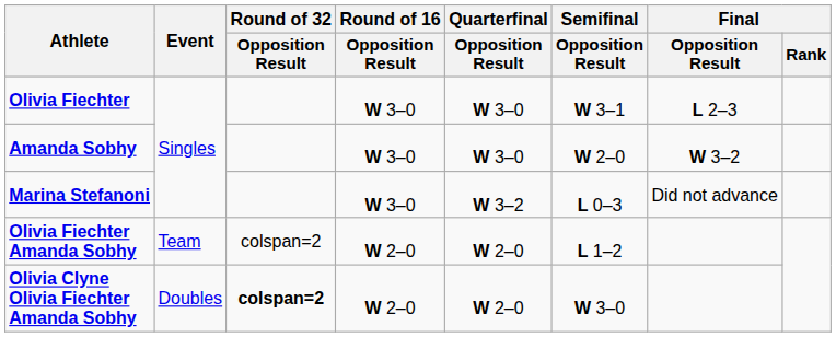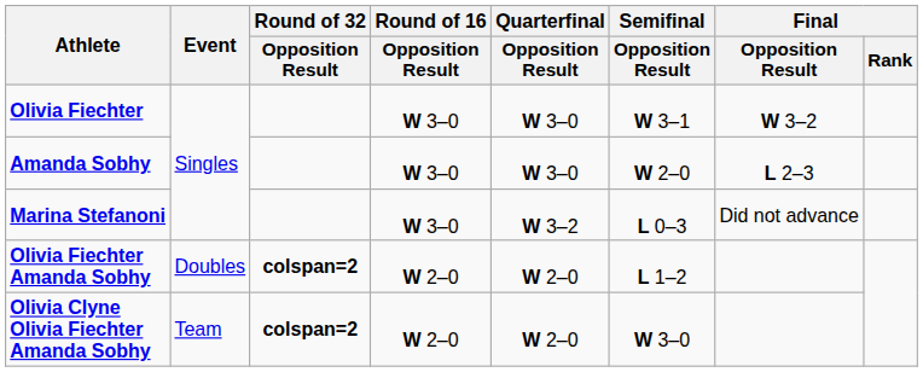 <table class=wikitable style=font-size:90%;text-align:center>
 <tr>
 <th rowspan=2>Athlete</th>
 <th rowspan=2>Event</th>
 <th>Round of 32</th>
 <th>Round of 16</th>
 <th>Quarterfinal</th>
 <th>Semifinal</th>
 <th colspan=2>Final</th>
 </tr>
 <tr style=font-size:95%>
 <th>Opposition<br>Result</th>
 <th>Opposition<br>Result</th>
 <th>Opposition<br>Result</th>
 <th>Opposition<br>Result</th>
 <th>Opposition<br>Result</th>
 <th>Rank</th>
 </tr>
 <tr>
 <td align=left><strong><a href='#'>Olivia Fiechter</a></strong></td>
 <td align=left rowspan=3><a href='#'>Singles</a></td>
 <td></td>
 <td><br><strong>W</strong> 3–0</td>
 <td><br><strong>W</strong> 3–0</td>
 <td><br><strong>W</strong> 3–1</td>
-<td><br><strong>L</strong> 2–3</td>
+<td><br><strong>W</strong> 3–2</td>
 <td></td>
 </tr>
 <tr>
 <td align=left><strong><a href='#'>Amanda Sobhy</a></strong></td>
 <td></td>
 <td><br><strong>W</strong> 3–0</td>
 <td><br><strong>W</strong> 3–0</td>
 <td><br><strong>W</strong> 2–0</td>
-<td><br><strong>W</strong> 3–2</td>
+<td><br><strong>L</strong> 2–3</td>
 <td></td>
 </tr>
 <tr>
 <td align=left><strong><a href='#'>Marina Stefanoni</a></strong></td>
 <td></td>
 <td><br><strong>W</strong> 3–0</td>
 <td><br><strong>W</strong> 3–2</td>
 <td><br><strong>L</strong> 0–3</td>
 <td>Did not advance</td>
 <td></td>
 </tr>
 <tr>
 <td align=left><strong><a href='#'>Olivia Fiechter</a><br><a href='#'>Amanda Sobhy</a></strong></td>
-<td align=left><a href='#'>Team</a></td>
-<td>colspan=2 </td>
+<td align=left><a href='#'>Doubles</a></td>
+<td><strong>colspan=2 </strong></td>
 <td><br><strong>W</strong> 2–0</td>
 <td><br><strong>W</strong> 2–0</td>
 <td><br><strong>L</strong> 1–2</td>
 <td></td>
 </tr>
 <tr>
 <td align=left><strong><a href='#'>Olivia Clyne</a><br><a href='#'>Olivia Fiechter</a><br><a href='#'>Amanda Sobhy</a></strong></td>
-<td align=left><a href='#'>Doubles</a></td>
+<td align=left><a href='#'>Team</a></td>
 <td><strong>colspan=2 </strong></td>
 <td><br><strong>W</strong> 2–0</td>
 <td><br><strong>W</strong> 2–0</td>
 <td><br><strong>W</strong> 3–0</td>
 <td></td>
 </tr>
 </table>
